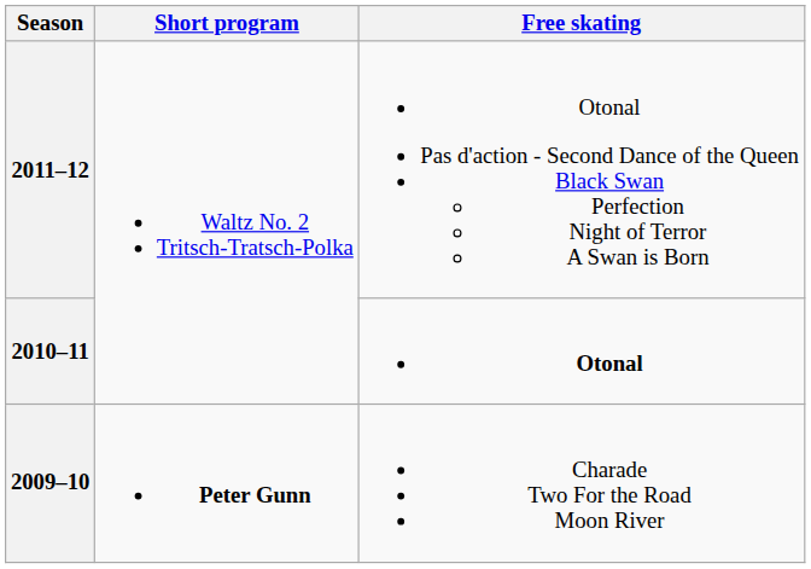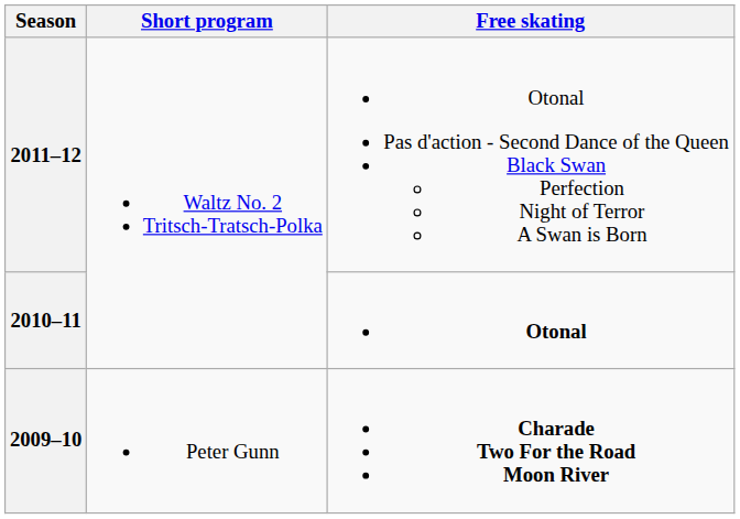 <table class="wikitable" style="text-align:center">
 <tr>
 <th>Season</th>
 <th><a href='#'>Short program</a></th>
 <th><a href='#'>Free skating</a></th>
 </tr>
 <tr>
 <th>2011–12 <br> </th>
 <td rowspan=2><br><ul><li><a href='#'>Waltz No. 2</a> <br></li><li><a href='#'>Tritsch-Tratsch-Polka</a> <br></li></ul></td>
 <td><br><ul><li>Otonal <br></li></ul><ul><li>Pas d'action - Second Dance of the Queen <br></li><li><a href='#'>Black Swan</a> <br><ul><li>Perfection</li><li>Night of Terror</li><li>A Swan is Born</li></ul></li></ul></td>
 </tr>
 <tr>
 <th>2010–11 <br> </th>
 <td><strong><br><ul><li>Otonal <br></li></ul></strong></td>
 </tr>
 <tr>
 <th>2009–10 <br> </th>
-<td><strong><br><ul><li>Peter Gunn <br></li></ul></strong></td>
-<td><br><ul><li>Charade <br></li><li>Two For the Road <br></li><li>Moon River <br></li></ul></td>
+<td><br><ul><li>Peter Gunn <br></li></ul></td>
+<td><strong><br><ul><li>Charade <br></li><li>Two For the Road <br></li><li>Moon River <br></li></ul></strong></td>
 </tr>
 </table>
